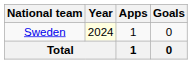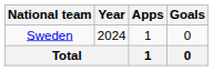 <table class="wikitable" style="text-align:center">
 <tr>
 <th>National team</th>
 <th>Year</th>
 <th>Apps</th>
 <th>Goals</th>
 </tr>
 <tr>
 <td><a href='#'>Sweden</a></td>
-<td style="background: lightyellow;">2024</td>
+<td>2024</td>
 <td>1</td>
 <td>0</td>
 </tr>
 <tr>
 <th colspan="2">Total</th>
 <th>1</th>
 <th>0</th>
 </tr>
 </table>
